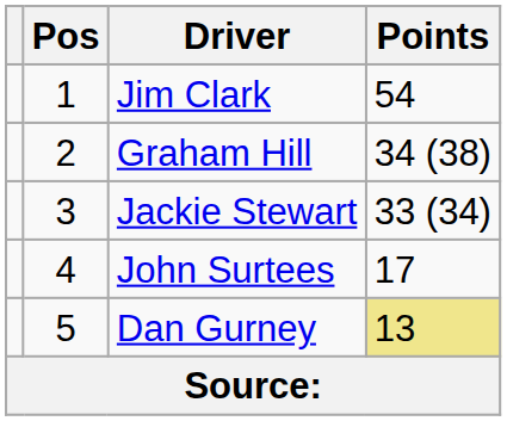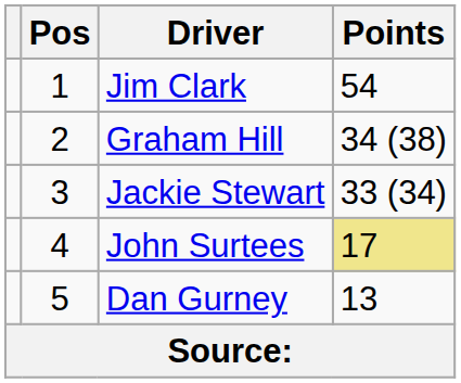 <table class="wikitable" style="font-size: 95%;">
 <tr>
 <th></th>
 <th>Pos</th>
 <th>Driver</th>
 <th>Points</th>
 </tr>
 <tr>
 <td align="left"></td>
 <td align="center">1</td>
 <td> <a href='#'>Jim Clark</a></td>
 <td align="left">54</td>
 </tr>
 <tr>
 <td align="left"></td>
 <td align="center">2</td>
 <td> <a href='#'>Graham Hill</a></td>
 <td align="left">34 (38)</td>
 </tr>
 <tr>
 <td align="left"></td>
 <td align="center">3</td>
 <td> <a href='#'>Jackie Stewart</a></td>
 <td align="left">33 (34)</td>
 </tr>
 <tr>
 <td align="left"></td>
 <td align="center">4</td>
 <td> <a href='#'>John Surtees</a></td>
-<td align="left">17</td>
+<td align="left" style="background: khaki;">17</td>
 </tr>
 <tr>
 <td align="left"></td>
 <td align="center">5</td>
 <td> <a href='#'>Dan Gurney</a></td>
-<td align="left" style="background: khaki;">13</td>
+<td align="left">13</td>
 </tr>
 <tr>
 <th colspan=4>Source: </th>
 </tr>
 </table>
